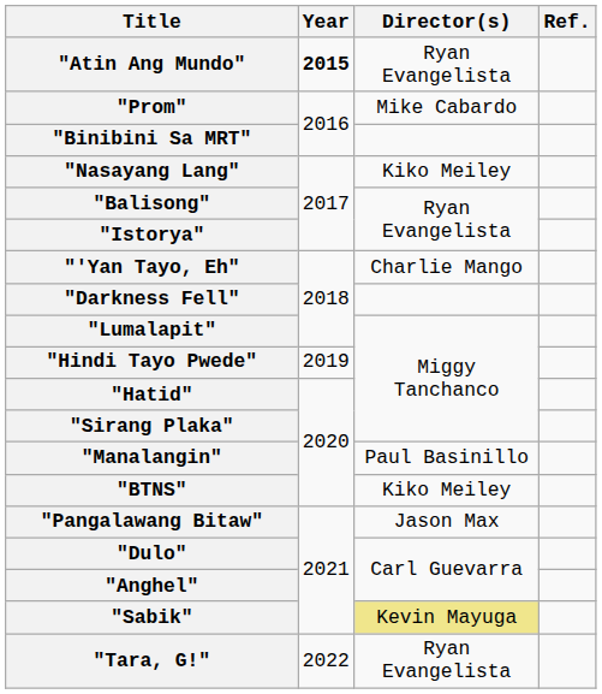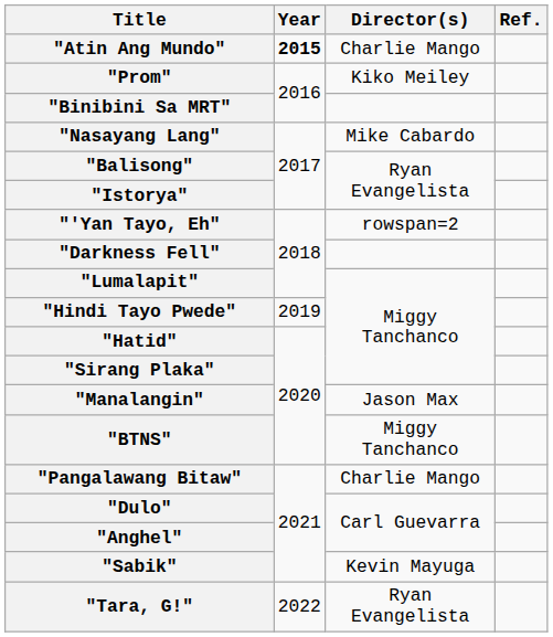 <table class="wikitable plainrowheaders" style="text-align:center;">
 <tr>
 <th scope="col" style="width:14.5em;">Title</th>
 <th scope="col" style="width:1em;">Year</th>
 <th scope="col" style="width:9em;">Director(s)</th>
 <th scope="col" style="width:1em;">Ref.</th>
 </tr>
 <tr>
 <th scope="row">"Atin Ang Mundo"</th>
 <td><strong>2015</strong></td>
-<td>Ryan Evangelista</td>
+<td>Charlie Mango</td>
 <td></td>
 </tr>
 <tr>
 <th scope="row">"Prom"</th>
 <td rowspan=2>2016</td>
-<td>Mike Cabardo</td>
+<td>Kiko Meiley</td>
 <td></td>
 </tr>
 <tr>
 <th scope="row">"Binibini Sa MRT"</th>
 <td></td>
 <td></td>
 </tr>
 <tr>
 <th scope="row">"Nasayang Lang"</th>
 <td rowspan=3>2017</td>
-<td>Kiko Meiley</td>
+<td>Mike Cabardo</td>
 <td></td>
 </tr>
 <tr>
 <th scope="row">"Balisong"</th>
 <td rowspan=2>Ryan Evangelista</td>
 <td></td>
 </tr>
 <tr>
 <th scope="row">"Istorya"</th>
 <td></td>
 </tr>
 <tr>
 <th scope="row">"'Yan Tayo, Eh"</th>
 <td rowspan=3>2018</td>
-<td>Charlie Mango</td>
+<td>rowspan=2 </td>
 <td></td>
 </tr>
 <tr>
 <th scope="row">"Darkness Fell"</th>
 <td></td>
 </tr>
 <tr>
 <th scope="row">"Lumalapit"</th>
 <td rowspan=4>Miggy Tanchanco</td>
 <td></td>
 </tr>
 <tr>
 <th scope="row">"Hindi Tayo Pwede"</th>
 <td>2019</td>
 <td></td>
 </tr>
 <tr>
 <th scope="row">"Hatid"</th>
 <td rowspan=4>2020</td>
 <td></td>
 </tr>
 <tr>
 <th scope="row">"Sirang Plaka"</th>
 <td></td>
 </tr>
 <tr>
 <th scope="row">"Manalangin"</th>
-<td>Paul Basinillo</td>
+<td>Jason Max</td>
 <td></td>
 </tr>
 <tr>
 <th scope="row">"BTNS" </th>
-<td>Kiko Meiley</td>
+<td>Miggy Tanchanco</td>
 <td></td>
 </tr>
 <tr>
 <th scope="row">"Pangalawang Bitaw"</th>
 <td rowspan=4>2021</td>
-<td>Jason Max</td>
+<td>Charlie Mango</td>
 <td></td>
 </tr>
 <tr>
 <th scope="row">"Dulo"</th>
 <td rowspan=2>Carl Guevarra</td>
 <td></td>
 </tr>
 <tr>
 <th scope="row">"Anghel"</th>
 <td></td>
 </tr>
 <tr>
 <th scope="row">"Sabik"</th>
-<td style="background: khaki;">Kevin Mayuga</td>
+<td>Kevin Mayuga</td>
 <td></td>
 </tr>
 <tr>
 <th scope="row">"Tara, G!"</th>
 <td>2022</td>
 <td>Ryan Evangelista</td>
 <td></td>
 </tr>
 </table>
